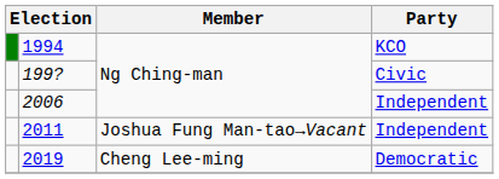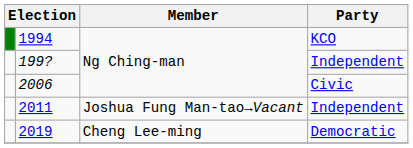 <table class="wikitable">
 <tr>
 <th colspan="2">Election</th>
 <th>Member</th>
 <th>Party</th>
 </tr>
 <tr>
 <td style="background-color:#008000"></td>
 <td><a href='#'>1994</a></td>
 <td rowspan=3>Ng Ching-man</td>
 <td><a href='#'>KCO</a></td>
 </tr>
 <tr>
 <td style="background-color:"></td>
 <td><em>199?</em></td>
-<td><a href='#'>Civic</a></td>
+<td><a href='#'>Independent</a></td>
 </tr>
 <tr>
 <td style="background-color:"></td>
 <td><em>2006</em></td>
-<td><a href='#'>Independent</a></td>
+<td><a href='#'>Civic</a></td>
 </tr>
 <tr>
 <td style="background-color:"></td>
 <td><a href='#'>2011</a></td>
 <td>Joshua Fung Man-tao→<em>Vacant</em></td>
 <td><a href='#'>Independent</a></td>
 </tr>
 <tr>
 <td style="background-color:"></td>
 <td><a href='#'>2019</a></td>
 <td>Cheng Lee-ming</td>
 <td><a href='#'>Democratic</a></td>
 </tr>
 <tr>
 </tr>
 </table>
